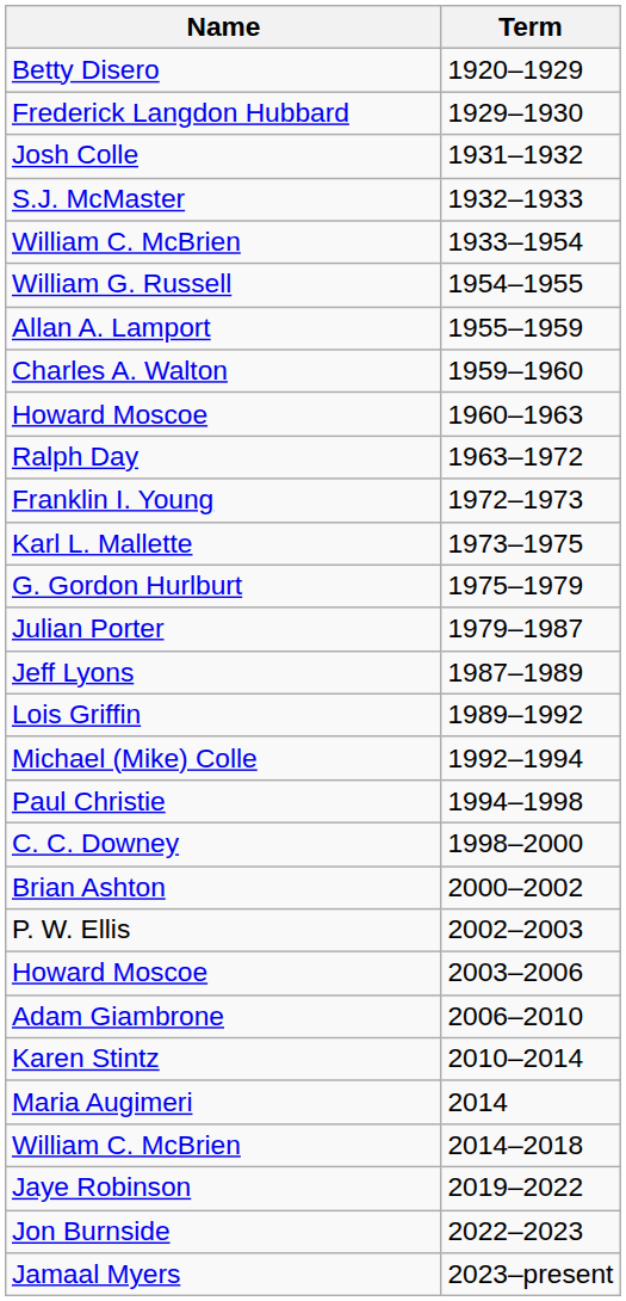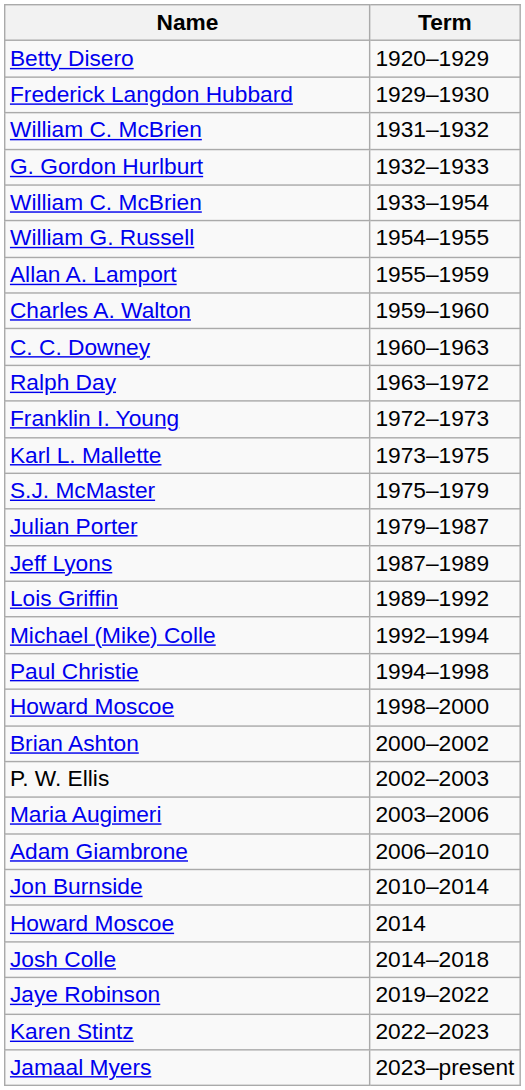 <table class="wikitable">
 <tr>
 <th width = 250>Name</th>
 <th>Term</th>
 </tr>
 <tr>
 <td><a href='#'>Betty Disero</a></td>
 <td>1920–1929</td>
 </tr>
 <tr>
 <td><a href='#'>Frederick Langdon Hubbard</a></td>
 <td>1929–1930</td>
 </tr>
 <tr>
-<td><a href='#'>Josh Colle</a></td>
+<td><a href='#'>William C. McBrien</a></td>
 <td>1931–1932</td>
 </tr>
 <tr>
-<td><a href='#'>S.J. McMaster</a></td>
+<td><a href='#'>G. Gordon Hurlburt</a></td>
 <td>1932–1933</td>
 </tr>
 <tr>
 <td><a href='#'>William C. McBrien</a></td>
 <td>1933–1954</td>
 </tr>
 <tr>
 <td><a href='#'>William G. Russell</a></td>
 <td>1954–1955</td>
 </tr>
 <tr>
 <td><a href='#'>Allan A. Lamport</a></td>
 <td>1955–1959</td>
 </tr>
 <tr>
 <td><a href='#'>Charles A. Walton</a></td>
 <td>1959–1960</td>
 </tr>
 <tr>
-<td><a href='#'>Howard Moscoe</a></td>
+<td><a href='#'>C. C. Downey</a></td>
 <td>1960–1963</td>
 </tr>
 <tr>
 <td><a href='#'>Ralph Day</a></td>
 <td>1963–1972</td>
 </tr>
 <tr>
 <td><a href='#'>Franklin I. Young</a></td>
 <td>1972–1973</td>
 </tr>
 <tr>
 <td><a href='#'>Karl L. Mallette</a></td>
 <td>1973–1975</td>
 </tr>
 <tr>
-<td><a href='#'>G. Gordon Hurlburt</a></td>
+<td><a href='#'>S.J. McMaster</a></td>
 <td>1975–1979</td>
 </tr>
 <tr>
 <td><a href='#'>Julian Porter</a></td>
 <td>1979–1987</td>
 </tr>
 <tr>
 <td><a href='#'>Jeff Lyons</a></td>
 <td>1987–1989</td>
 </tr>
 <tr>
 <td><a href='#'>Lois Griffin</a></td>
 <td>1989–1992</td>
 </tr>
 <tr>
 <td><a href='#'>Michael (Mike) Colle</a></td>
 <td>1992–1994</td>
 </tr>
 <tr>
 <td><a href='#'>Paul Christie</a></td>
 <td>1994–1998</td>
 </tr>
 <tr>
-<td><a href='#'>C. C. Downey</a></td>
+<td><a href='#'>Howard Moscoe</a></td>
 <td>1998–2000</td>
 </tr>
 <tr>
 <td><a href='#'>Brian Ashton</a></td>
 <td>2000–2002</td>
 </tr>
 <tr>
 <td>P. W. Ellis</td>
 <td>2002–2003</td>
 </tr>
 <tr>
-<td><a href='#'>Howard Moscoe</a></td>
+<td><a href='#'>Maria Augimeri</a></td>
 <td>2003–2006</td>
 </tr>
 <tr>
 <td><a href='#'>Adam Giambrone</a></td>
 <td>2006–2010</td>
 </tr>
 <tr>
-<td><a href='#'>Karen Stintz</a></td>
+<td><a href='#'>Jon Burnside</a></td>
 <td>2010–2014</td>
 </tr>
 <tr>
-<td><a href='#'>Maria Augimeri</a></td>
+<td><a href='#'>Howard Moscoe</a></td>
 <td>2014</td>
 </tr>
 <tr>
-<td><a href='#'>William C. McBrien</a></td>
+<td><a href='#'>Josh Colle</a></td>
 <td>2014–2018</td>
 </tr>
 <tr>
 <td><a href='#'>Jaye Robinson</a></td>
 <td>2019–2022</td>
 </tr>
 <tr>
-<td><a href='#'>Jon Burnside</a></td>
+<td><a href='#'>Karen Stintz</a></td>
 <td>2022–2023</td>
 </tr>
 <tr>
 <td><a href='#'>Jamaal Myers</a></td>
 <td>2023–present</td>
 </tr>
 </table>
